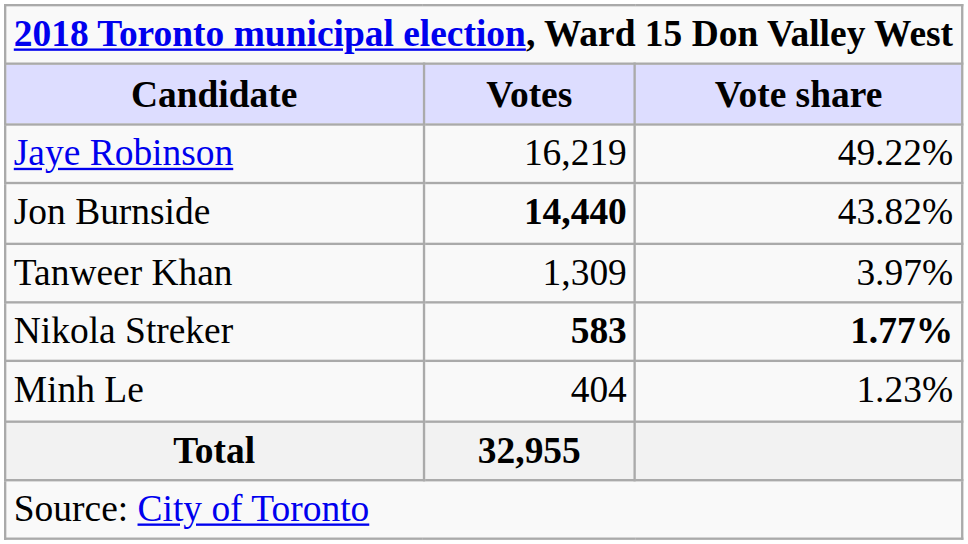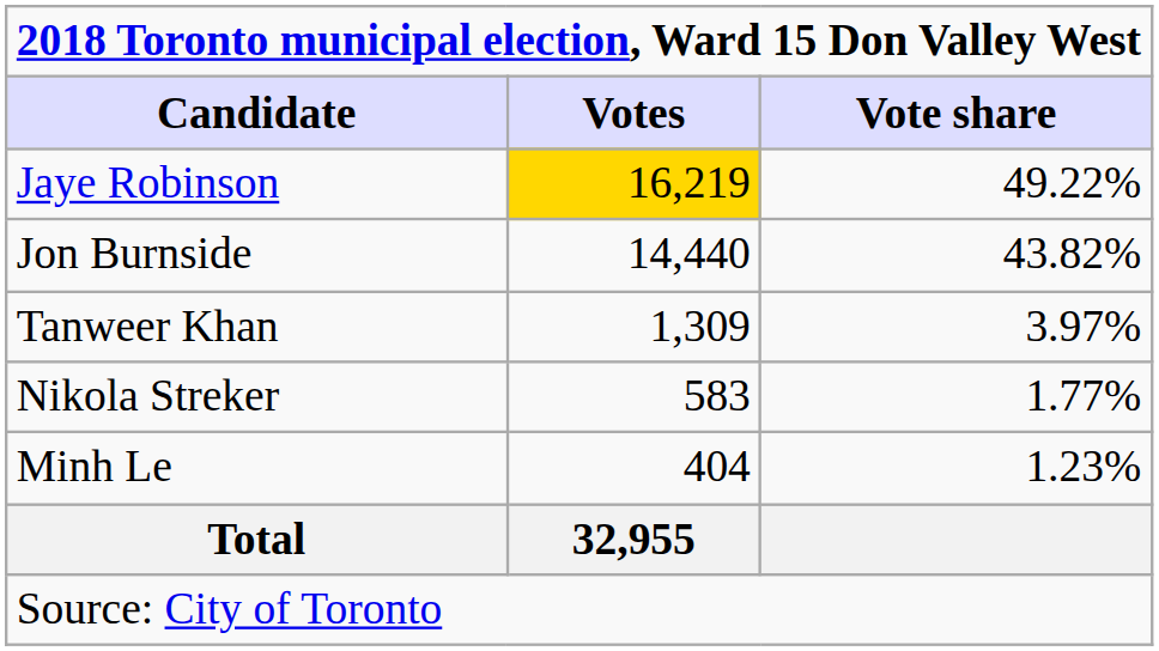 <table class="wikitable plainrowheaders">
 <tr>
 <td colspan="3"><strong><a href='#'>2018 Toronto municipal election</a>, Ward 15 Don Valley West</strong></td>
 </tr>
 <tr>
 <th scope="col" style="background:#ddf;">Candidate</th>
 <th scope="col" style="background:#ddf;">Votes</th>
 <th scope="col" style="background:#ddf;">Vote share</th>
 </tr>
 <tr>
 <td scope="row"><a href='#'>Jaye Robinson</a></td>
-<td align="right">16,219</td>
+<td align="right" style="background: gold;">16,219</td>
 <td align="right">49.22%</td>
 </tr>
 <tr>
 <td scope="row">Jon Burnside</td>
-<td align="right"><strong>14,440</strong></td>
+<td align="right">14,440</td>
 <td align="right">43.82%</td>
 </tr>
 <tr>
 <td scope="row">Tanweer Khan</td>
 <td align="right">1,309</td>
 <td align="right">3.97%</td>
 </tr>
 <tr>
 <td scope="row">Nikola Streker</td>
-<td align="right"><strong>583</strong></td>
-<td align="right"><strong>1.77%</strong></td>
+<td align="right">583</td>
+<td align="right">1.77%</td>
 </tr>
 <tr>
 <td scope="row">Minh Le</td>
 <td align="right">404</td>
 <td align="right">1.23%</td>
 </tr>
 <tr>
 <th scope="row"><strong>Total</strong></th>
 <th align="right">32,955</th>
 <th align="right"></th>
 </tr>
 <tr>
 <td colspan="3">Source: <a href='#'>City of Toronto</a></td>
 </tr>
 </table>
